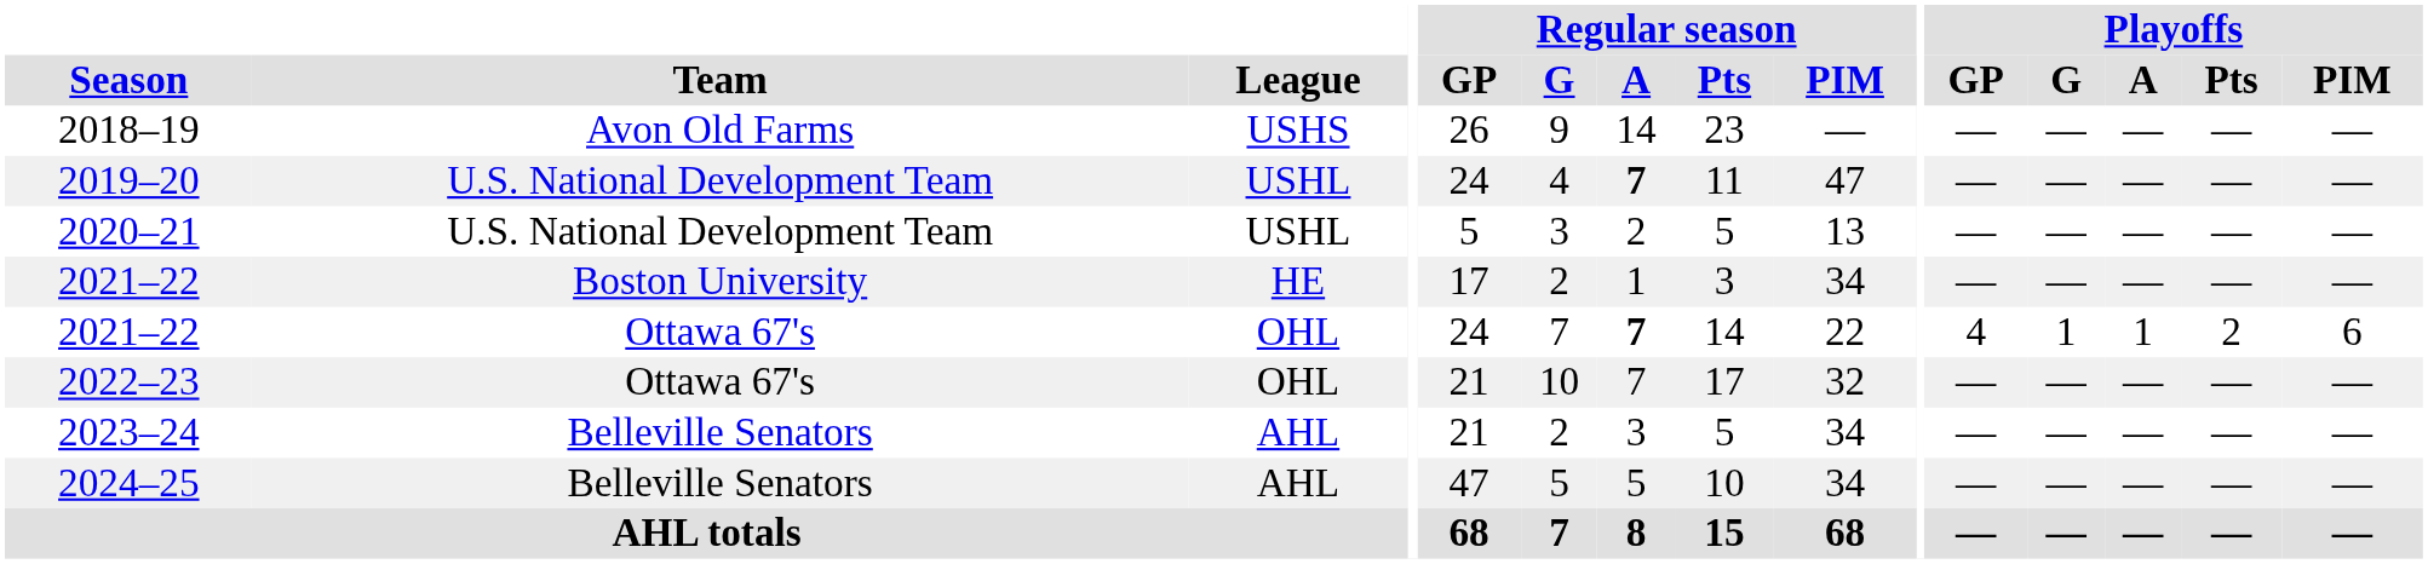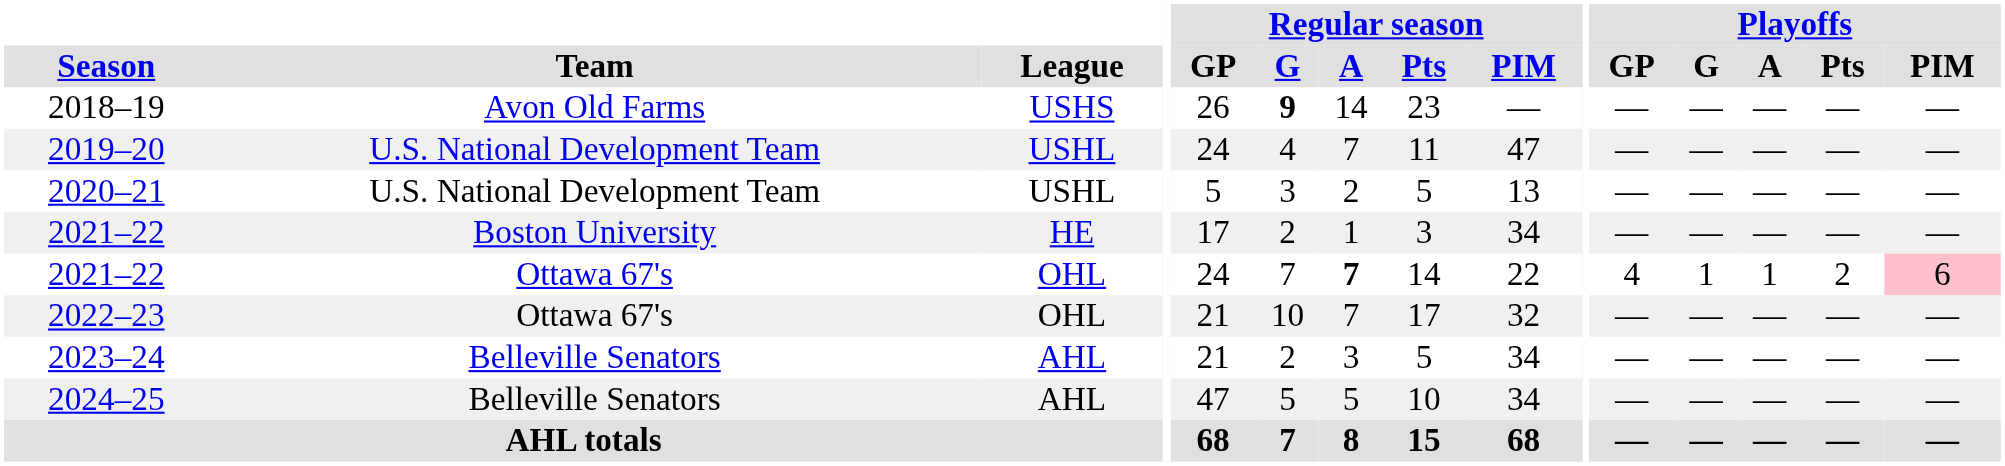 <table border="0" cellpadding="1" cellspacing="0" style="text-align:center; width:60em">
 <tr bgcolor="#e0e0e0">
 <th colspan="3" bgcolor="#ffffff"></th>
 <th rowspan="101" bgcolor="#ffffff"></th>
 <th colspan="5"><a href='#'>Regular season</a></th>
 <th rowspan="101" bgcolor="#ffffff"></th>
 <th colspan="5"><a href='#'>Playoffs</a></th>
 </tr>
 <tr bgcolor="#e0e0e0">
 <th><a href='#'>Season</a></th>
 <th>Team</th>
 <th>League</th>
 <th>GP</th>
 <th><a href='#'>G</a></th>
 <th><a href='#'>A</a></th>
 <th><a href='#'>Pts</a></th>
 <th><a href='#'>PIM</a></th>
 <th>GP</th>
 <th>G</th>
 <th>A</th>
 <th>Pts</th>
 <th>PIM</th>
 </tr>
 <tr>
 <td>2018–19</td>
 <td><a href='#'>Avon Old Farms</a></td>
 <td><a href='#'>USHS</a></td>
 <td>26</td>
-<td>9</td>
+<td><strong>9</strong></td>
 <td>14</td>
 <td>23</td>
 <td>—</td>
 <td>—</td>
 <td>—</td>
 <td>—</td>
 <td>—</td>
 <td>—</td>
 </tr>
 <tr bgcolor="#f0f0f0">
 <td><a href='#'>2019–20</a></td>
 <td><a href='#'>U.S. National Development Team</a></td>
 <td><a href='#'>USHL</a></td>
 <td>24</td>
 <td>4</td>
-<td><strong>7</strong></td>
+<td>7</td>
 <td>11</td>
 <td>47</td>
 <td>—</td>
 <td>—</td>
 <td>—</td>
 <td>—</td>
 <td>—</td>
 </tr>
 <tr>
 <td><a href='#'>2020–21</a></td>
 <td>U.S. National Development Team</td>
 <td>USHL</td>
 <td>5</td>
 <td>3</td>
 <td>2</td>
 <td>5</td>
 <td>13</td>
 <td>—</td>
 <td>—</td>
 <td>—</td>
 <td>—</td>
 <td>—</td>
 </tr>
 <tr bgcolor="#f0f0f0">
 <td><a href='#'>2021–22</a></td>
 <td><a href='#'>Boston University</a></td>
 <td><a href='#'>HE</a></td>
 <td>17</td>
 <td>2</td>
 <td>1</td>
 <td>3</td>
 <td>34</td>
 <td>—</td>
 <td>—</td>
 <td>—</td>
 <td>—</td>
 <td>—</td>
 </tr>
 <tr>
 <td><a href='#'>2021–22</a></td>
 <td><a href='#'>Ottawa 67's</a></td>
 <td><a href='#'>OHL</a></td>
 <td>24</td>
 <td>7</td>
 <td><strong>7</strong></td>
 <td>14</td>
 <td>22</td>
 <td>4</td>
 <td>1</td>
 <td>1</td>
 <td>2</td>
-<td>6</td>
+<td style="background: pink;">6</td>
 </tr>
 <tr bgcolor="#f0f0f0">
 <td><a href='#'>2022–23</a></td>
 <td>Ottawa 67's</td>
 <td>OHL</td>
 <td>21</td>
 <td>10</td>
 <td>7</td>
 <td>17</td>
 <td>32</td>
 <td>—</td>
 <td>—</td>
 <td>—</td>
 <td>—</td>
 <td>—</td>
 </tr>
 <tr>
 <td><a href='#'>2023–24</a></td>
 <td><a href='#'>Belleville Senators</a></td>
 <td><a href='#'>AHL</a></td>
 <td>21</td>
 <td>2</td>
 <td>3</td>
 <td>5</td>
 <td>34</td>
 <td>—</td>
 <td>—</td>
 <td>—</td>
 <td>—</td>
 <td>—</td>
 </tr>
 <tr bgcolor="#f0f0f0">
 <td><a href='#'>2024–25</a></td>
 <td>Belleville Senators</td>
 <td>AHL</td>
 <td>47</td>
 <td>5</td>
 <td>5</td>
 <td>10</td>
 <td>34</td>
 <td>—</td>
 <td>—</td>
 <td>—</td>
 <td>—</td>
 <td>—</td>
 </tr>
 <tr bgcolor="#e0e0e0">
 <th colspan="3">AHL totals</th>
 <th>68</th>
 <th>7</th>
 <th>8</th>
 <th>15</th>
 <th>68</th>
 <th>—</th>
 <th>—</th>
 <th>—</th>
 <th>—</th>
 <th>—</th>
 </tr>
 </table>
